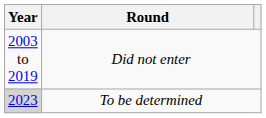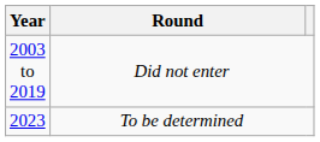 <table class="wikitable" style="text-align: center; font-size:90%">
 <tr>
 <th>Year</th>
 <th style="width:200px">Round</th>
 <th></th>
 </tr>
 <tr>
 <td><a href='#'>2003</a><br>to<br><a href='#'>2019</a></td>
 <td colspan="2"><em>Did not enter</em></td>
 </tr>
 <tr>
-<td style="background: lightgrey;"><a href='#'>2023</a></td>
+<td><a href='#'>2023</a></td>
 <td colspan="2"><em>To be determined</em></td>
 </tr>
 </table>
